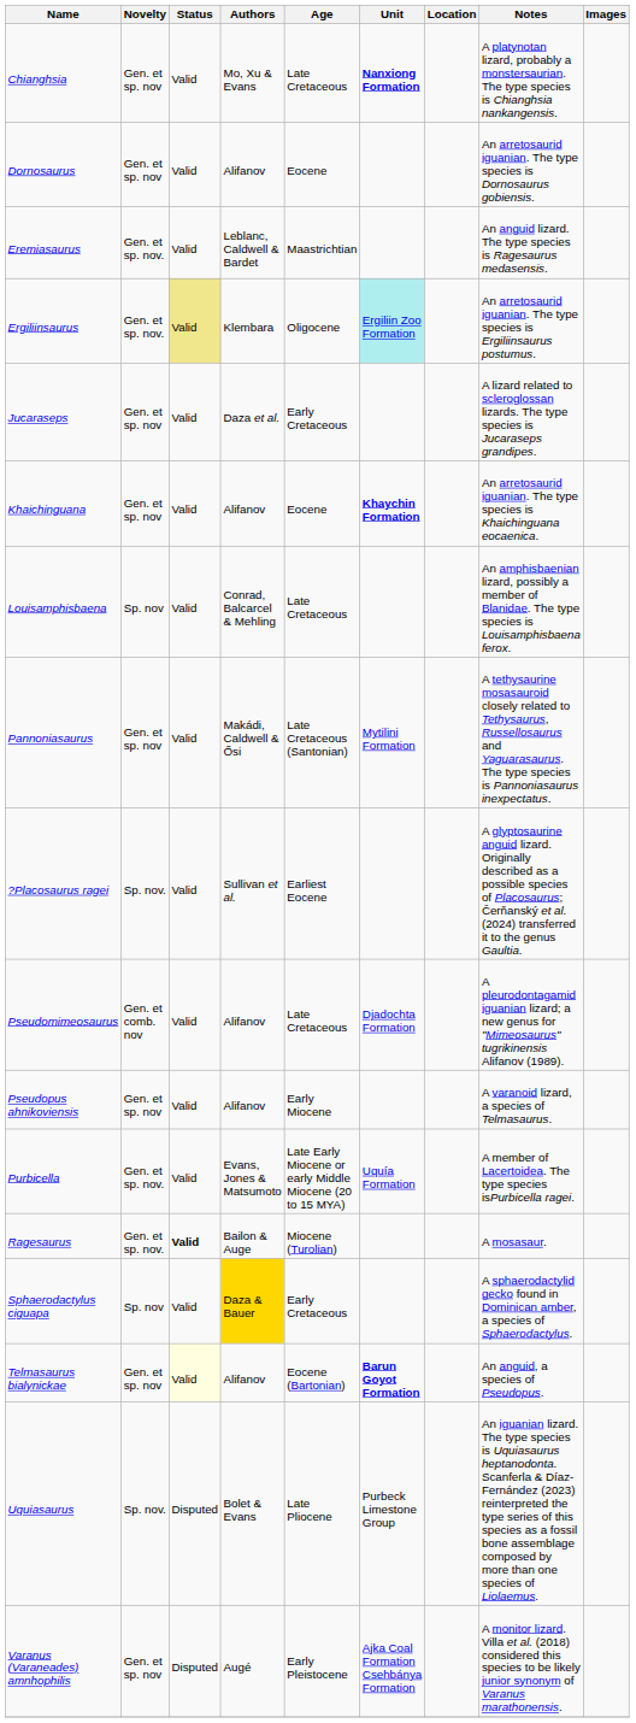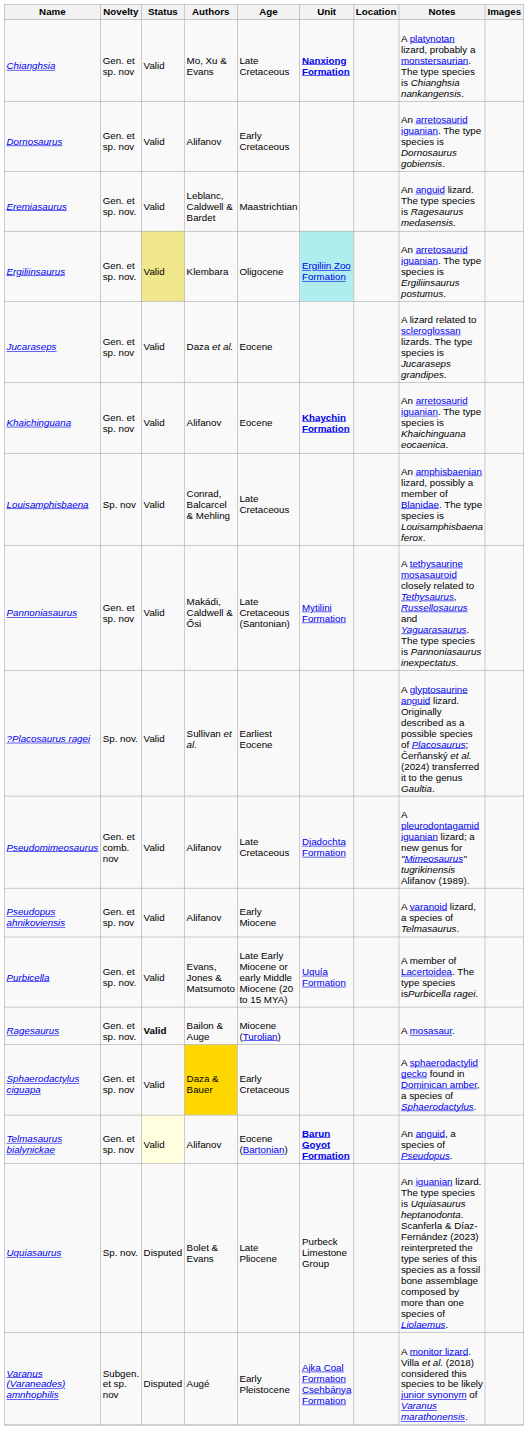 <table class="wikitable sortable" align="center" width="100%">
 <tr>
 <th>Name</th>
 <th>Novelty</th>
 <th>Status</th>
 <th>Authors</th>
 <th>Age</th>
 <th>Unit</th>
 <th>Location</th>
 <th>Notes</th>
 <th>Images</th>
 </tr>
 <tr>
 <td><br><em><a href='#'>Chianghsia</a></em></td>
 <td><br>Gen. et sp. nov</td>
 <td><br>Valid</td>
 <td><br>Mo, Xu & Evans</td>
 <td><br>Late Cretaceous</td>
 <td><strong><br><a href='#'>Nanxiong Formation</a></strong></td>
 <td><br></td>
 <td><br>A <a href='#'>platynotan</a> lizard, probably a <a href='#'>monstersaurian</a>. The type species is <em>Chianghsia nankangensis</em>.</td>
 <td></td>
 </tr>
 <tr>
 <td><br><em><a href='#'>Dornosaurus</a></em></td>
 <td><br>Gen. et sp. nov</td>
 <td><br>Valid</td>
 <td><br>Alifanov</td>
-<td><br>Eocene</td>
+<td><br>Early Cretaceous</td>
 <td></td>
 <td><br></td>
 <td><br>An <a href='#'>arretosaurid</a> <a href='#'>iguanian</a>. The type species is <em>Dornosaurus gobiensis</em>.</td>
 <td></td>
 </tr>
 <tr>
 <td><br><em><a href='#'>Eremiasaurus</a></em></td>
 <td><br>Gen. et sp. nov.</td>
 <td><br>Valid</td>
 <td><br>Leblanc, Caldwell & Bardet</td>
 <td><br>Maastrichtian</td>
 <td></td>
 <td><br></td>
 <td><br>An <a href='#'>anguid</a> lizard. The type species is <em>Ragesaurus medasensis</em>.</td>
 <td></td>
 </tr>
 <tr>
 <td><br><em><a href='#'>Ergiliinsaurus</a></em></td>
 <td><br>Gen. et sp. nov.</td>
 <td style="background: khaki;"><br>Valid</td>
 <td><br>Klembara</td>
 <td><br>Oligocene</td>
 <td style="background: paleturquoise;"><br><a href='#'>Ergiliin Zoo Formation</a></td>
 <td><br></td>
 <td><br>An <a href='#'>arretosaurid</a> <a href='#'>iguanian</a>. The type species is <em>Ergiliinsaurus postumus</em>.</td>
 <td></td>
 </tr>
 <tr>
 <td><br><em><a href='#'>Jucaraseps</a></em></td>
 <td><br>Gen. et sp. nov</td>
 <td><br>Valid</td>
 <td><br>Daza <em>et al.</em></td>
-<td><br>Early Cretaceous</td>
+<td><br>Eocene</td>
 <td></td>
 <td><br></td>
 <td><br>A lizard related to <a href='#'>scleroglossan</a> lizards. The type species is <em>Jucaraseps grandipes</em>.</td>
 <td></td>
 </tr>
 <tr>
 <td><br><em><a href='#'>Khaichinguana</a></em></td>
 <td><br>Gen. et sp. nov</td>
 <td><br>Valid</td>
 <td><br>Alifanov</td>
 <td><br>Eocene</td>
 <td><strong><br><a href='#'>Khaychin Formation</a></strong></td>
 <td><br></td>
 <td><br>An <a href='#'>arretosaurid</a> <a href='#'>iguanian</a>. The type species is <em>Khaichinguana eocaenica</em>.</td>
 <td></td>
 </tr>
 <tr>
 <td><br><em><a href='#'>Louisamphisbaena</a></em></td>
 <td><br>Sp. nov</td>
 <td><br>Valid</td>
 <td><br>Conrad, Balcarcel & Mehling</td>
 <td><br>Late Cretaceous</td>
 <td></td>
 <td><br></td>
 <td><br>An <a href='#'>amphisbaenian</a> lizard, possibly a member of <a href='#'>Blanidae</a>. The type species is <em>Louisamphisbaena ferox</em>.</td>
 <td></td>
 </tr>
 <tr>
 <td><br><em><a href='#'>Pannoniasaurus</a></em></td>
 <td><br>Gen. et sp. nov</td>
 <td><br>Valid</td>
 <td><br>Makádi, Caldwell & Ősi</td>
 <td><br>Late Cretaceous (Santonian)</td>
 <td><br><a href='#'>Mytilini Formation</a></td>
 <td><br></td>
 <td><br>A <a href='#'>tethysaurine</a> <a href='#'>mosasauroid</a> closely related to <em><a href='#'>Tethysaurus</a></em>, <em><a href='#'>Russellosaurus</a></em> and <em><a href='#'>Yaguarasaurus</a></em>. The type species is <em>Pannoniasaurus inexpectatus</em>.</td>
 <td></td>
 </tr>
 <tr>
 <td><br><em><a href='#'>?Placosaurus ragei</a></em></td>
 <td><br>Sp. nov.</td>
 <td><br>Valid</td>
 <td><br>Sullivan <em>et al.</em></td>
 <td><br>Earliest Eocene</td>
 <td></td>
 <td><br></td>
 <td><br>A <a href='#'>glyptosaurine</a> <a href='#'>anguid</a> lizard. Originally described as a possible species of <em><a href='#'>Placosaurus</a></em>; Čerňanský <em>et al.</em> (2024) transferred it to the genus <em>Gaultia</em>.</td>
 <td></td>
 </tr>
 <tr>
 <td><br><em><a href='#'>Pseudomimeosaurus</a></em></td>
 <td><br>Gen. et comb. nov</td>
 <td><br>Valid</td>
 <td><br>Alifanov</td>
 <td><br>Late Cretaceous</td>
 <td><br><a href='#'>Djadochta Formation</a></td>
 <td><br></td>
 <td><br>A <a href='#'>pleurodontagamid</a> <a href='#'>iguanian</a> lizard; a new genus for <em>"<a href='#'>Mimeosaurus</a>" tugrikinensis</em> Alifanov (1989).</td>
 <td></td>
 </tr>
 <tr>
 <td><br><em><a href='#'>Pseudopus ahnikoviensis</a></em></td>
 <td><br>Gen. et sp. nov</td>
 <td><br>Valid</td>
 <td><br>Alifanov</td>
 <td><br>Early Miocene</td>
 <td></td>
 <td><br></td>
 <td><br>A <a href='#'>varanoid</a> lizard, a species of <em>Telmasaurus</em>.</td>
 <td></td>
 </tr>
 <tr>
 <td><br><em><a href='#'>Purbicella</a></em></td>
 <td><br>Gen. et sp. nov.</td>
 <td><br>Valid</td>
 <td><br>Evans, Jones & Matsumoto</td>
 <td><br>Late Early Miocene or early Middle Miocene (20 to 15 MYA)</td>
 <td><br><a href='#'>Uquía Formation</a></td>
 <td><br></td>
 <td><br>A member of <a href='#'>Lacertoidea</a>. The type species is<em>Purbicella ragei</em>.</td>
 <td></td>
 </tr>
 <tr>
 <td><br><em><a href='#'>Ragesaurus</a></em></td>
 <td><br>Gen. et sp. nov.</td>
 <td><strong><br>Valid</strong></td>
 <td><br>Bailon & Auge</td>
 <td><br>Miocene (<a href='#'>Turolian</a>)</td>
 <td></td>
 <td><br></td>
 <td><br>A <a href='#'>mosasaur</a>.</td>
 <td></td>
 </tr>
 <tr>
 <td><br><em><a href='#'>Sphaerodactylus ciguapa</a></em></td>
-<td><br>Sp. nov</td>
+<td><br>Gen. et sp. nov</td>
 <td><br>Valid</td>
 <td style="background: gold;"><br>Daza & Bauer</td>
 <td><br>Early Cretaceous</td>
 <td></td>
 <td><br></td>
 <td><br>A <a href='#'>sphaerodactylid</a> <a href='#'>gecko</a> found in <a href='#'>Dominican amber</a>, a species of <em><a href='#'>Sphaerodactylus</a></em>.</td>
 <td></td>
 </tr>
 <tr>
 <td><br><em><a href='#'>Telmasaurus bialynickae</a></em></td>
 <td><br>Gen. et sp. nov</td>
 <td style="background: lightyellow;"><br>Valid</td>
 <td><br>Alifanov</td>
 <td><br>Eocene (<a href='#'>Bartonian</a>)</td>
 <td><strong><br><a href='#'>Barun Goyot Formation</a></strong></td>
 <td><br></td>
 <td><br>An <a href='#'>anguid</a>, a species of <em><a href='#'>Pseudopus</a></em>.</td>
 <td></td>
 </tr>
 <tr>
 <td><br><em><a href='#'>Uquiasaurus</a></em></td>
 <td><br>Sp. nov.</td>
 <td><br>Disputed</td>
 <td><br>Bolet & Evans</td>
 <td><br>Late Pliocene</td>
 <td><br>Purbeck Limestone Group</td>
 <td><br></td>
 <td><br>An <a href='#'>iguanian</a> lizard. The type species is <em>Uquiasaurus heptanodonta</em>. Scanferla & Díaz-Fernández (2023) reinterpreted the type series of this species as a fossil bone assemblage composed by more than one species of <em><a href='#'>Liolaemus</a></em>.</td>
 <td></td>
 </tr>
 <tr>
 <td><br><em><a href='#'>Varanus (Varaneades) amnhophilis</a></em></td>
-<td><br>Gen. et sp. nov</td>
+<td><br>Subgen. et sp. nov</td>
 <td><br>Disputed</td>
 <td><br>Augé</td>
 <td><br>Early Pleistocene</td>
 <td><br><a href='#'>Ajka Coal Formation</a><br> <a href='#'>Csehbánya Formation</a></td>
 <td><br></td>
 <td><br>A <a href='#'>monitor lizard</a>. Villa <em>et al.</em> (2018) considered this species to be likely <a href='#'>junior synonym</a> of <em><a href='#'>Varanus marathonensis</a></em>.</td>
 <td></td>
 </tr>
 <tr>
 </tr>
 </table>
